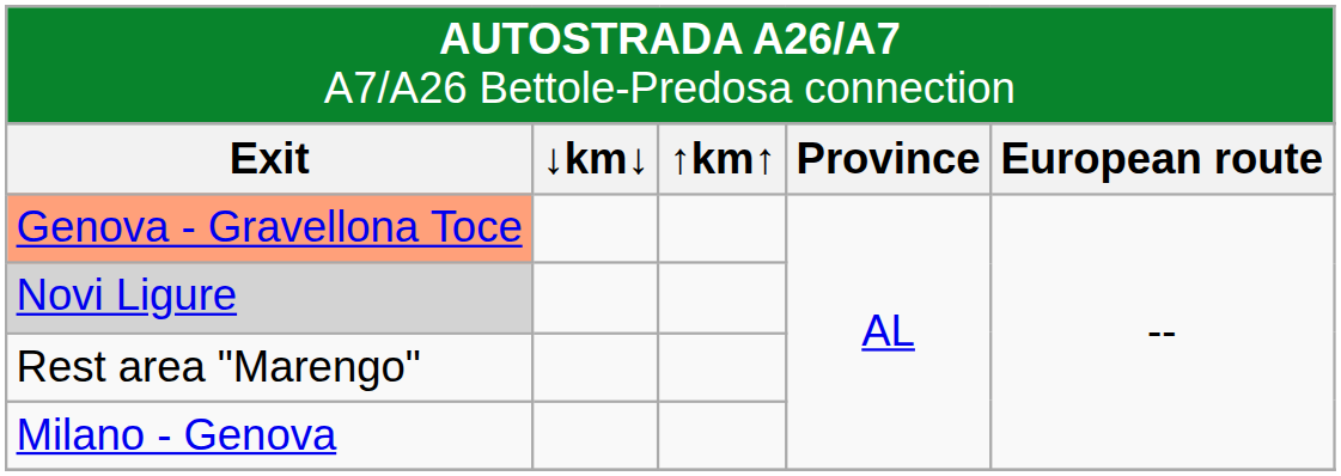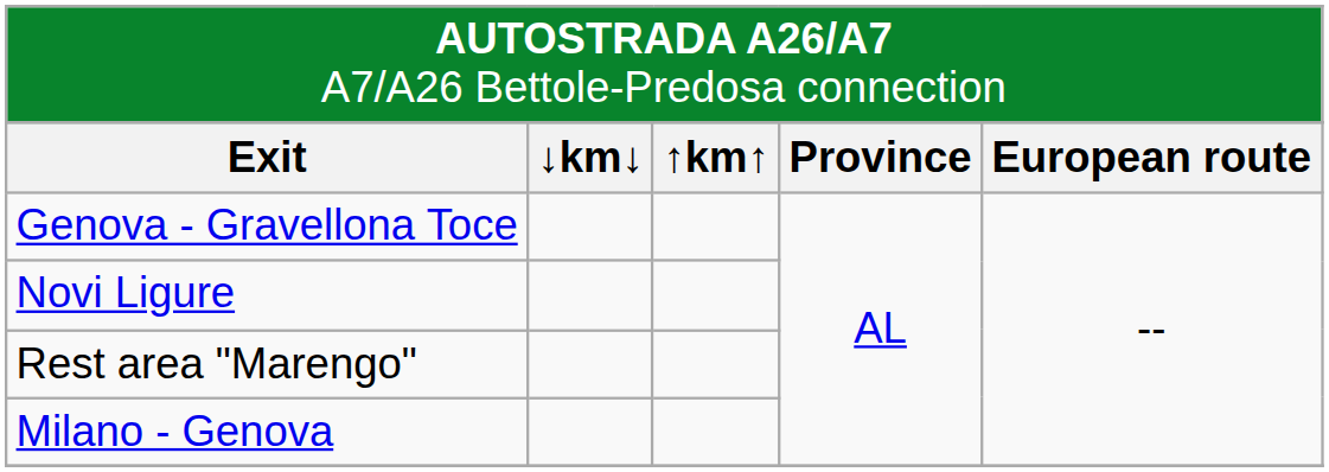 <table class="wikitable">
 <tr align="center" style="color: white;font-size:100%;" bgcolor="#08842c">
 <td colspan="6"><strong> AUTOSTRADA A26/A7</strong><br>A7/A26 Bettole-Predosa connection</td>
 </tr>
 <tr>
 </tr>
 <tr>
 <th><strong>Exit</strong></th>
 <th align="center"><strong>↓km↓</strong></th>
 <th align="center"><strong>↑km↑</strong></th>
 <th align="center"><strong>Province</strong></th>
 <th align="center"><strong>European route</strong></th>
 </tr>
 <tr>
-<td style="background: lightsalmon;">   <a href='#'>Genova - Gravellona Toce</a></td>
+<td>   <a href='#'>Genova - Gravellona Toce</a></td>
 <td align="right"></td>
 <td align="right"></td>
 <td align="center" rowspan=4><a href='#'>AL</a></td>
 <td align="center" rowspan=4>--</td>
 </tr>
 <tr>
-<td style="background: lightgrey;"> <a href='#'>Novi Ligure</a></td>
+<td> <a href='#'>Novi Ligure</a></td>
 <td align="right"></td>
 <td align="right"></td>
 </tr>
 <tr>
 <td> Rest area "Marengo"</td>
 <td align="right"></td>
 <td align="right"></td>
 </tr>
 <tr>
 <td>   <a href='#'>Milano - Genova</a></td>
 <td align="right"></td>
 <td align="right"></td>
 </tr>
 <tr>
 </tr>
 </table>
